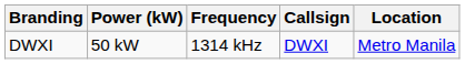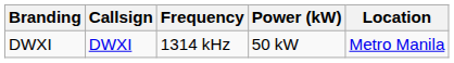 <table class="wikitable">
 <tr>
 <th>Branding</th>
+<th>Callsign</th>
+<th>Frequency</th>
 <th>Power (kW)</th>
-<th>Frequency</th>
-<th>Callsign</th>
 <th>Location</th>
 </tr>
 <tr>
 <td>DWXI</td>
+<td><a href='#'>DWXI</a></td>
+<td>1314 kHz</td>
 <td>50 kW</td>
-<td>1314 kHz</td>
-<td><a href='#'>DWXI</a></td>
 <td><a href='#'>Metro Manila</a></td>
 </tr>
 </table>
